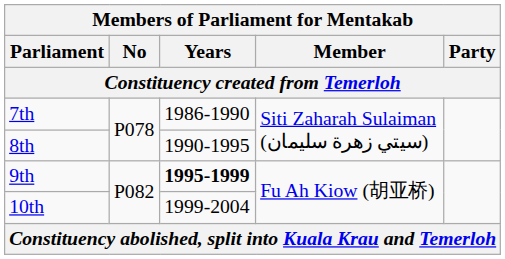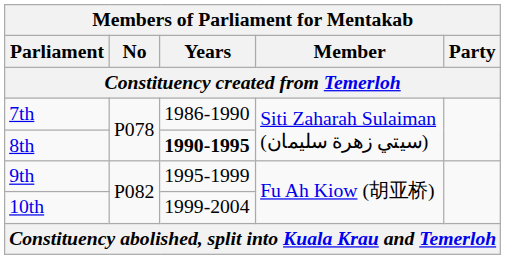 <table class=wikitable>
 <tr>
 <th colspan="5">Members of Parliament for Mentakab</th>
 </tr>
 <tr>
 <th>Parliament</th>
 <th>No</th>
 <th>Years</th>
 <th>Member</th>
 <th>Party</th>
 </tr>
 <tr>
 <th colspan="5" align="center"><em>Constituency created from <a href='#'>Temerloh</a></em></th>
 </tr>
 <tr>
 <td><a href='#'>7th</a></td>
 <td rowspan="2">P078</td>
 <td>1986-1990</td>
 <td rowspan=2><a href='#'>Siti Zaharah Sulaiman</a> <br> (سيتي زهرة سليمان)</td>
 <td rowspan="2"></td>
 </tr>
 <tr>
 <td><a href='#'>8th</a></td>
-<td>1990-1995</td>
+<td><strong>1990-1995</strong></td>
 </tr>
 <tr>
 <td><a href='#'>9th</a></td>
 <td rowspan="2">P082</td>
-<td><strong>1995-1999</strong></td>
+<td>1995-1999</td>
 <td rowspan=2><a href='#'>Fu Ah Kiow</a> (胡亚桥)</td>
 <td rowspan="2"></td>
 </tr>
 <tr>
 <td><a href='#'>10th</a></td>
 <td>1999-2004</td>
 </tr>
 <tr>
 <th colspan="5" align="center"><em>Constituency abolished, split into <a href='#'>Kuala Krau</a> and <a href='#'>Temerloh</a></em></th>
 </tr>
 </table>
